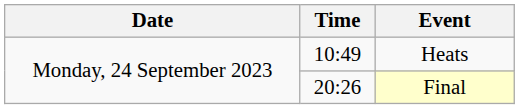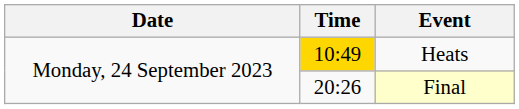 <table class = "wikitable" style="text-align:center;">
 <tr>
 <th width=220>Date</th>
 <th width=50>Time</th>
 <th width=100>Event</th>
 </tr>
 <tr>
 <td rowspan=3>Monday, 24 September 2023</td>
-<td>10:49</td>
+<td style="background: gold;">10:49</td>
 <td>Heats</td>
 </tr>
 <tr>
 <td>20:26</td>
 <td bgcolor=ffffcc>Final</td>
 </tr>
 </table>
